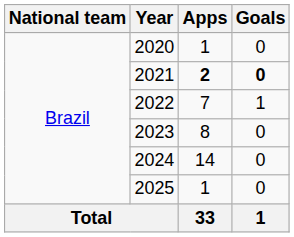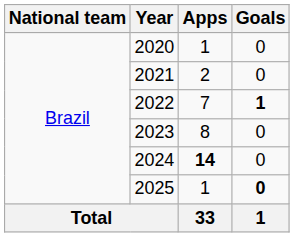 <table class="wikitable" style="text-align:center">
 <tr>
 <th>National team</th>
 <th>Year</th>
 <th>Apps</th>
 <th>Goals</th>
 </tr>
 <tr>
 <td rowspan="6"><a href='#'>Brazil</a></td>
 <td>2020</td>
 <td>1</td>
 <td>0</td>
 </tr>
 <tr>
 <td>2021</td>
-<td><strong>2</strong></td>
-<td><strong>0</strong></td>
+<td>2</td>
+<td>0</td>
 </tr>
 <tr>
 <td>2022</td>
 <td>7</td>
-<td>1</td>
+<td><strong>1</strong></td>
 </tr>
 <tr>
 <td>2023</td>
 <td>8</td>
 <td>0</td>
 </tr>
 <tr>
 <td>2024</td>
-<td>14</td>
+<td><strong>14</strong></td>
 <td>0</td>
 </tr>
 <tr>
 <td>2025</td>
 <td>1</td>
-<td>0</td>
+<td><strong>0</strong></td>
 </tr>
 <tr>
 <th colspan="2">Total</th>
 <th>33</th>
 <th>1</th>
 </tr>
 </table>
